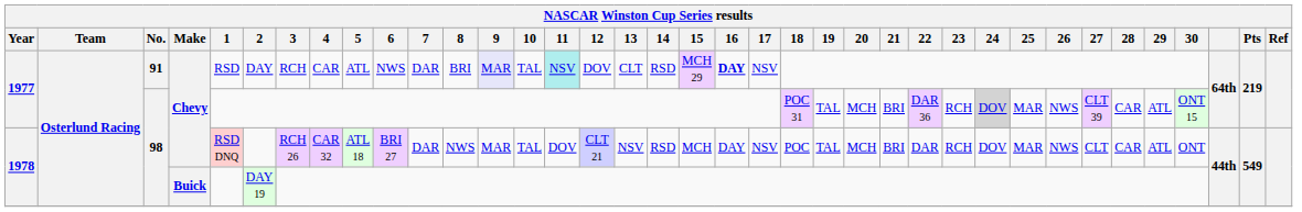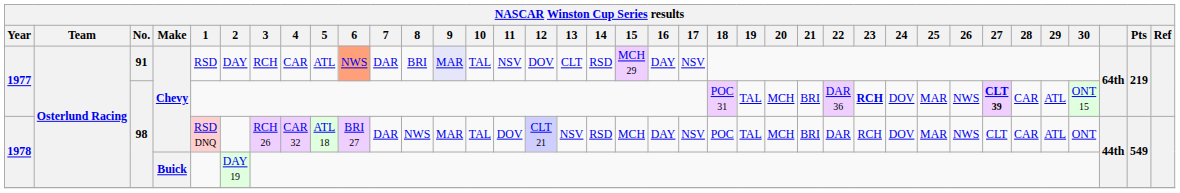 <table class="wikitable" style="text-align:center; font-size:75%">
 <tr>
 <th colspan=44><a href='#'>NASCAR</a> <a href='#'>Winston Cup Series</a> results</th>
 </tr>
 <tr>
 <th>Year</th>
 <th>Team</th>
 <th>No.</th>
 <th>Make</th>
 <th>1</th>
 <th>2</th>
 <th>3</th>
 <th>4</th>
 <th>5</th>
 <th>6</th>
 <th>7</th>
 <th>8</th>
 <th>9</th>
 <th>10</th>
 <th>11</th>
 <th>12</th>
 <th>13</th>
 <th>14</th>
 <th>15</th>
 <th>16</th>
 <th>17</th>
 <th>18</th>
 <th>19</th>
 <th>20</th>
 <th>21</th>
 <th>22</th>
 <th>23</th>
 <th>24</th>
 <th>25</th>
 <th>26</th>
 <th>27</th>
 <th>28</th>
 <th>29</th>
 <th>30</th>
 <th></th>
 <th>Pts</th>
 <th>Ref</th>
 </tr>
 <tr>
 <th rowspan=2><a href='#'>1977</a></th>
 <th rowspan=4><a href='#'>Osterlund Racing</a></th>
 <th>91</th>
 <th rowspan=3><a href='#'>Chevy</a></th>
 <td><a href='#'>RSD</a></td>
 <td><a href='#'>DAY</a></td>
 <td><a href='#'>RCH</a></td>
 <td><a href='#'>CAR</a></td>
 <td><a href='#'>ATL</a></td>
-<td><a href='#'>NWS</a></td>
+<td style="background: lightsalmon;"><a href='#'>NWS</a></td>
 <td><a href='#'>DAR</a></td>
 <td><a href='#'>BRI</a></td>
 <td style="background: lavender;"><a href='#'>MAR</a></td>
 <td><a href='#'>TAL</a></td>
-<td style="background: paleturquoise;"><a href='#'>NSV</a></td>
+<td><a href='#'>NSV</a></td>
 <td><a href='#'>DOV</a></td>
 <td><a href='#'>CLT</a></td>
 <td><a href='#'>RSD</a></td>
 <td style="background:#EFCFFF;"><a href='#'>MCH</a><br><small>29</small></td>
-<td><strong><a href='#'>DAY</a></strong></td>
+<td><a href='#'>DAY</a></td>
 <td><a href='#'>NSV</a></td>
 <td colspan=13></td>
 <th rowspan=2>64th</th>
 <th rowspan=2>219</th>
 <th rowspan=2></th>
 </tr>
 <tr>
 <th rowspan=3>98</th>
 <td colspan=17></td>
 <td style="background:#EFCFFF;"><a href='#'>POC</a><br><small>31</small></td>
 <td><a href='#'>TAL</a></td>
 <td><a href='#'>MCH</a></td>
 <td><a href='#'>BRI</a></td>
 <td style="background:#EFCFFF;"><a href='#'>DAR</a><br><small>36</small></td>
-<td><a href='#'>RCH</a></td>
-<td style="background: lightgrey;"><a href='#'>DOV</a></td>
+<td><strong><a href='#'>RCH</a></strong></td>
+<td><a href='#'>DOV</a></td>
 <td><a href='#'>MAR</a></td>
 <td><a href='#'>NWS</a></td>
-<td style="background:#EFCFFF;"><a href='#'>CLT</a><br><small>39</small></td>
+<td style="background:#EFCFFF;"><strong><a href='#'>CLT</a><br><small>39</small></strong></td>
 <td><a href='#'>CAR</a></td>
 <td><a href='#'>ATL</a></td>
 <td style="background:#DFFFDF;"><a href='#'>ONT</a><br><small>15</small></td>
 </tr>
 <tr>
 <th rowspan=2><a href='#'>1978</a></th>
 <td style="background:#FFCFCF;"><a href='#'>RSD</a><br><small>DNQ</small></td>
 <td></td>
 <td style="background:#EFCFFF;"><a href='#'>RCH</a><br><small>26</small></td>
 <td style="background:#EFCFFF;"><a href='#'>CAR</a><br><small>32</small></td>
 <td style="background:#DFFFDF;"><a href='#'>ATL</a><br><small>18</small></td>
 <td style="background:#EFCFFF;"><a href='#'>BRI</a><br><small>27</small></td>
 <td><a href='#'>DAR</a></td>
 <td><a href='#'>NWS</a></td>
 <td><a href='#'>MAR</a></td>
 <td><a href='#'>TAL</a></td>
 <td><a href='#'>DOV</a></td>
 <td style="background:#CFCFFF;"><a href='#'>CLT</a><br><small>21</small></td>
 <td><a href='#'>NSV</a></td>
 <td><a href='#'>RSD</a></td>
 <td><a href='#'>MCH</a></td>
 <td><a href='#'>DAY</a></td>
 <td><a href='#'>NSV</a></td>
 <td><a href='#'>POC</a></td>
 <td><a href='#'>TAL</a></td>
 <td><a href='#'>MCH</a></td>
 <td><a href='#'>BRI</a></td>
 <td><a href='#'>DAR</a></td>
 <td><a href='#'>RCH</a></td>
 <td><a href='#'>DOV</a></td>
 <td><a href='#'>MAR</a></td>
 <td><a href='#'>NWS</a></td>
 <td><a href='#'>CLT</a></td>
 <td><a href='#'>CAR</a></td>
 <td><a href='#'>ATL</a></td>
 <td><a href='#'>ONT</a></td>
 <th rowspan=2>44th</th>
 <th rowspan=2>549</th>
 <th rowspan=2></th>
 </tr>
 <tr>
 <th><a href='#'>Buick</a></th>
 <td></td>
 <td style="background:#DFFFDF;"><a href='#'>DAY</a><br><small>19</small></td>
 <td colspan=28></td>
 </tr>
 <tr>
 </tr>
 </table>
